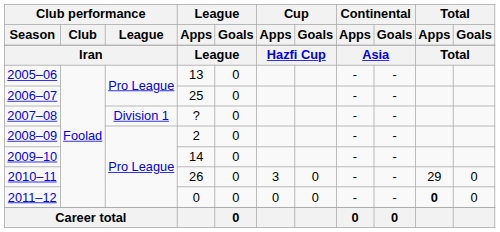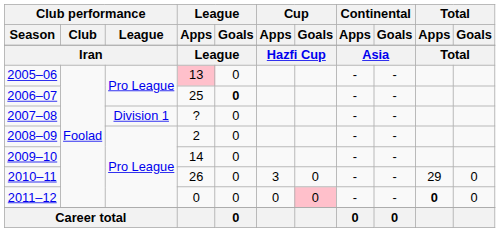 <table class="wikitable" style="text-align:center">
 <tr>
 <th colspan=3>Club performance</th>
 <th colspan=2>League</th>
 <th colspan=2>Cup</th>
 <th colspan=2>Continental</th>
 <th colspan=2>Total</th>
 </tr>
 <tr>
 <th>Season</th>
 <th>Club</th>
 <th>League</th>
 <th>Apps</th>
 <th>Goals</th>
 <th>Apps</th>
 <th>Goals</th>
 <th>Apps</th>
 <th>Goals</th>
 <th>Apps</th>
 <th>Goals</th>
 </tr>
 <tr>
 </tr>
 <tr>
 <th colspan=3>Iran</th>
 <th colspan=2>League</th>
 <th colspan=2><a href='#'>Hazfi Cup</a></th>
 <th colspan=2><a href='#'>Asia</a></th>
 <th colspan=2>Total</th>
 </tr>
 <tr>
 <td><a href='#'>2005–06</a></td>
 <td rowspan="7"><a href='#'>Foolad</a></td>
 <td rowspan="2"><a href='#'>Pro League</a></td>
-<td>13</td>
+<td style="background: pink;">13</td>
 <td>0</td>
 <td></td>
 <td></td>
 <td>-</td>
 <td>-</td>
 <td></td>
 <td></td>
 </tr>
 <tr>
 <td><a href='#'>2006–07</a></td>
 <td>25</td>
-<td>0</td>
+<td><strong>0</strong></td>
 <td></td>
 <td></td>
 <td>-</td>
 <td>-</td>
 <td></td>
 <td></td>
 </tr>
 <tr>
 <td><a href='#'>2007–08</a></td>
 <td rowspan="1"><a href='#'>Division 1</a></td>
 <td>?</td>
 <td>0</td>
 <td></td>
 <td></td>
 <td>-</td>
 <td>-</td>
 <td></td>
 <td></td>
 </tr>
 <tr>
 <td><a href='#'>2008–09</a></td>
 <td rowspan="4"><a href='#'>Pro League</a></td>
 <td>2</td>
 <td>0</td>
 <td></td>
 <td></td>
 <td>-</td>
 <td>-</td>
 <td></td>
 <td></td>
 </tr>
 <tr>
 <td><a href='#'>2009–10</a></td>
 <td>14</td>
 <td>0</td>
 <td></td>
 <td></td>
 <td>-</td>
 <td>-</td>
 <td></td>
 <td></td>
 </tr>
 <tr>
 <td><a href='#'>2010–11</a></td>
 <td>26</td>
 <td>0</td>
 <td>3</td>
 <td>0</td>
 <td>-</td>
 <td>-</td>
 <td>29</td>
 <td>0</td>
 </tr>
 <tr>
 <td><a href='#'>2011–12</a></td>
 <td>0</td>
 <td>0</td>
 <td>0</td>
-<td>0</td>
+<td style="background: pink;">0</td>
 <td>-</td>
 <td>-</td>
 <td><strong>0</strong></td>
 <td>0</td>
 </tr>
 <tr>
 </tr>
 <tr>
 <th colspan=3>Career total</th>
 <th></th>
 <th>0</th>
 <th></th>
 <th></th>
 <th>0</th>
 <th>0</th>
 <th></th>
 <th></th>
 </tr>
 </table>
